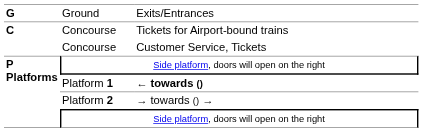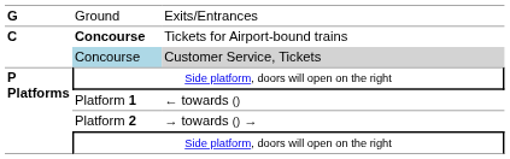 <table table border=0 cellspacing=0 cellpadding=3>
 <tr>
 <td style="border-bottom:solid 1px gray;border-top:solid 1px gray;" width=50 valign=top><strong>G</strong></td>
 <td style="border-top:solid 1px gray;border-bottom:solid 1px gray;" width=100 valign=top>Ground</td>
 <td style="border-top:solid 1px gray;border-bottom:solid 1px gray;" width=400 valign=top>Exits/Entrances</td>
 </tr>
 <tr>
 <td valign=top rowspan=2><strong>C</strong></td>
-<td valign=top>Concourse</td>
+<td valign=top><strong>Concourse</strong></td>
 <td valign=top>Tickets for Airport-bound trains</td>
 </tr>
 <tr>
-<td valign=top>Concourse</td>
-<td valign=top>Customer Service, Tickets</td>
+<td valign=top style="background: lightblue;">Concourse</td>
+<td valign=top style="background: lightgrey;">Customer Service, Tickets</td>
 </tr>
 <tr>
 <td style="border-top:solid 1px gray;border-bottom:solid 1px gray;" rowspan=4 valign=top><strong>P<br>Platforms</strong></td>
 <td style="border-top:solid 1px gray;border-right:solid 2px black;border-left:solid 2px black;border-bottom:solid 2px black;text-align:center;" colspan=2><small><a href='#'>Side platform</a>, doors will open on the right</small></td>
 </tr>
 <tr>
 <td style="border-bottom:solid 1px gray;">Platform <span><strong>1</strong></span></td>
-<td style="border-bottom:solid 1px gray;"><strong>←  towards  <small>()</small></strong></td>
+<td style="border-bottom:solid 1px gray;">←  towards  <small>()</small></td>
 </tr>
 <tr>
 <td>Platform <span><strong>2</strong></span></td>
 <td><span>→</span>  towards  <small>()</small> →</td>
 </tr>
 <tr>
 <td style="border-bottom:solid 1px gray;border-top:solid 2px black;border-right:solid 2px black;border-left:solid 2px black;text-align:center;" colspan=2><small><a href='#'>Side platform</a>, doors will open on the right</small></td>
 </tr>
 </table>
